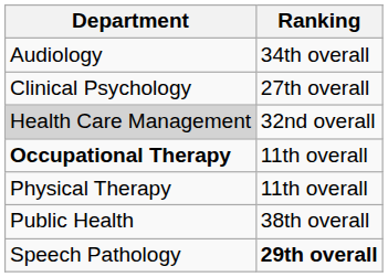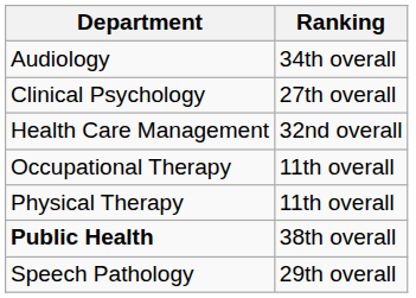 <table class="wikitable">
 <tr>
 <th>Department</th>
 <th>Ranking</th>
 </tr>
 <tr>
 <td>Audiology</td>
 <td>34th overall</td>
 </tr>
 <tr>
 <td>Clinical Psychology</td>
 <td>27th overall</td>
 </tr>
 <tr>
-<td style="background: lightgrey;">Health Care Management</td>
+<td>Health Care Management</td>
 <td>32nd overall</td>
 </tr>
 <tr>
-<td><strong>Occupational Therapy</strong></td>
+<td>Occupational Therapy</td>
 <td>11th overall</td>
 </tr>
 <tr>
 <td>Physical Therapy</td>
 <td>11th overall</td>
 </tr>
 <tr>
-<td>Public Health</td>
+<td><strong>Public Health</strong></td>
 <td>38th overall</td>
 </tr>
 <tr>
 <td>Speech Pathology</td>
-<td><strong>29th overall</strong></td>
+<td>29th overall</td>
 </tr>
 </table>
